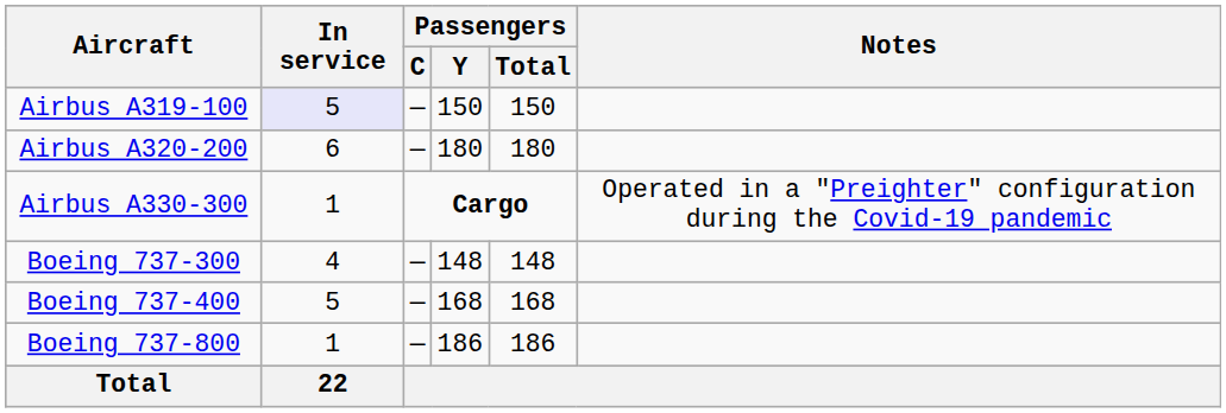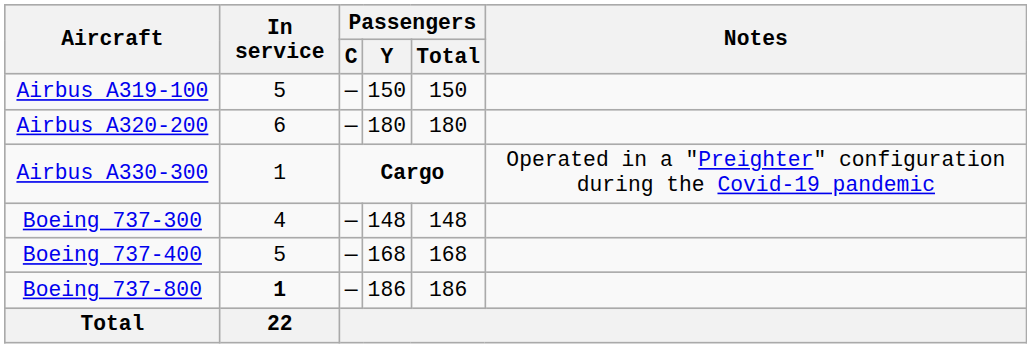 <table class="wikitable" style="border-collapse:collapse;text-align:center;margin:auto;">
 <tr>
 <th rowspan="2" width="125px;">Aircraft</th>
 <th rowspan="2">In service</th>
 <th colspan="3">Passengers</th>
 <th rowspan="2">Notes</th>
 </tr>
 <tr>
 <th><abbr>C</abbr></th>
 <th><abbr>Y</abbr></th>
 <th>Total</th>
 </tr>
 <tr>
 <td><a href='#'>Airbus A319-100</a></td>
-<td style="background: lavender;">5</td>
+<td>5</td>
 <td>—</td>
 <td>150</td>
 <td>150</td>
 <td></td>
 </tr>
 <tr>
 <td><a href='#'>Airbus A320-200</a></td>
 <td>6</td>
 <td>—</td>
 <td>180</td>
 <td>180</td>
 <td></td>
 </tr>
 <tr>
 <td><a href='#'>Airbus A330-300</a></td>
 <td>1</td>
 <td colspan="3"><strong>Cargo</strong></td>
 <td>Operated in a "<a href='#'>Preighter</a>" configuration during the <a href='#'>Covid-19 pandemic</a></td>
 </tr>
 <tr>
 <td><a href='#'>Boeing 737-300</a></td>
 <td>4</td>
 <td>—</td>
 <td>148</td>
 <td>148</td>
 <td></td>
 </tr>
 <tr>
 <td><a href='#'>Boeing 737-400</a></td>
 <td>5</td>
 <td>—</td>
 <td>168</td>
 <td>168</td>
 <td></td>
 </tr>
 <tr>
 <td><a href='#'>Boeing 737-800</a></td>
-<td>1</td>
+<td><strong>1</strong></td>
 <td>—</td>
 <td>186</td>
 <td>186</td>
 <td></td>
 </tr>
 <tr>
 <th>Total</th>
 <th>22</th>
 <th colspan="4"></th>
 </tr>
 </table>
